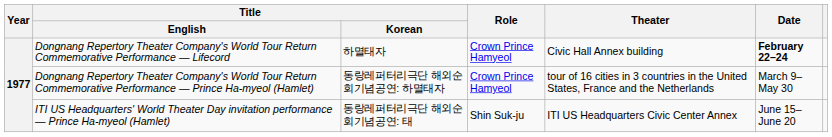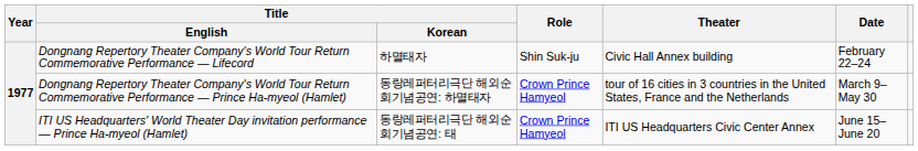 <table Class="wikitable sortable plainrowheaders" style="clear:none; font-size:100%;">
 <tr>
 <th scope="col" rowspan="2">Year</th>
 <th scope="col" colspan="2">Title</th>
 <th scope="col" rowspan="2">Role</th>
 <th scope="col" rowspan="2">Theater</th>
 <th scope="col" rowspan="2">Date</th>
 <th scope="col" rowspan="2" class="unsortable"></th>
 </tr>
 <tr>
 <th>English</th>
 <th>Korean</th>
 </tr>
 <tr>
 <th scope="row" rowspan="3">1977</th>
 <td><em>Dongnang Repertory Theater Company's World Tour Return Commemorative Performance — Lifecord</em></td>
 <td>하멸태자</td>
-<td><a href='#'>Crown Prince Hamyeol</a></td>
+<td>Shin Suk-ju</td>
 <td>Civic Hall Annex building</td>
-<td><strong>February 22–24</strong></td>
+<td>February 22–24</td>
 <td></td>
 </tr>
 <tr>
 <td><em>Dongnang Repertory Theater Company's World Tour Return Commemorative Performance — Prince Ha-myeol (Hamlet)</em></td>
 <td>동랑레퍼터리극단 해외순회기념공연: 하멸태자</td>
 <td><a href='#'>Crown Prince Hamyeol</a></td>
 <td>tour of 16 cities in 3 countries in the United States, France and the Netherlands</td>
 <td>March 9–May 30</td>
 <td></td>
 </tr>
 <tr>
 <td><em>ITI US Headquarters' World Theater Day invitation performance— Prince Ha-myeol (Hamlet)</em></td>
 <td>동랑레퍼터리극단 해외순회기념공연: 태</td>
-<td>Shin Suk-ju</td>
+<td><a href='#'>Crown Prince Hamyeol</a></td>
 <td>ITI US Headquarters Civic Center Annex</td>
 <td>June 15–June 20</td>
 <td></td>
 </tr>
 </table>
